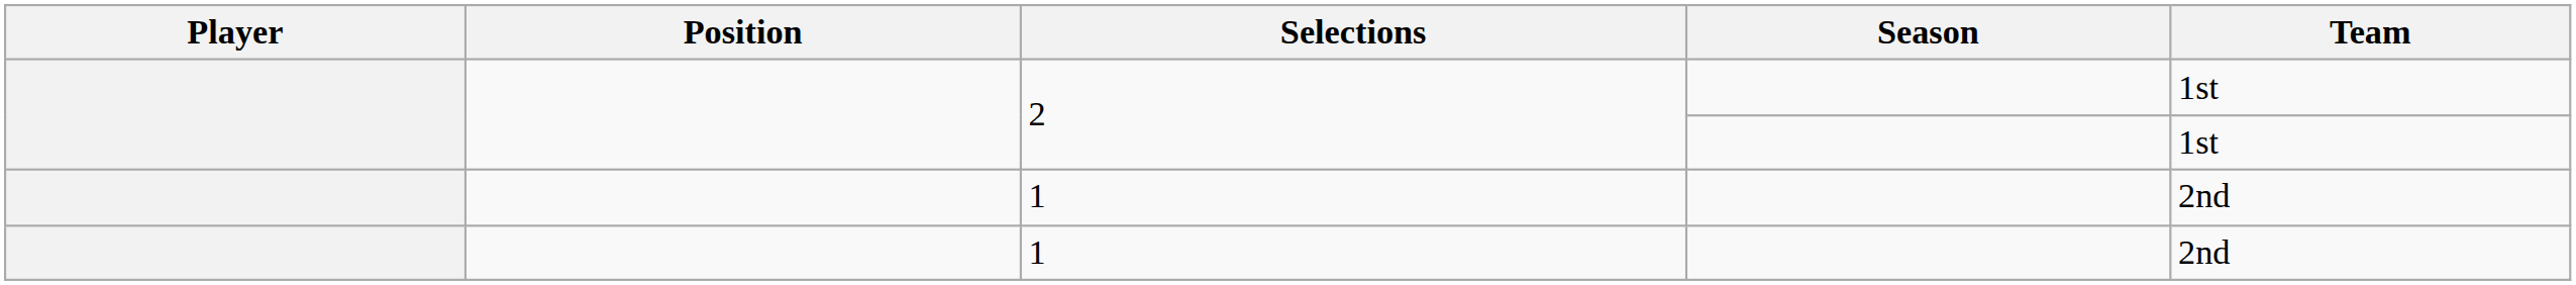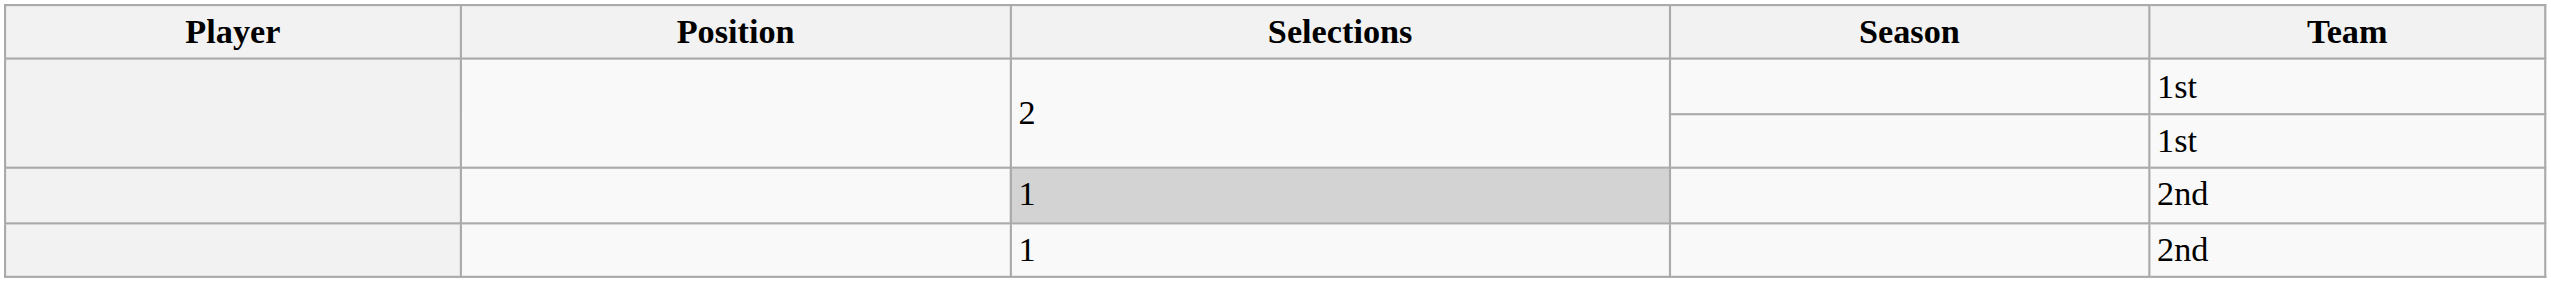 <table class="wikitable sortable" width="75%">
 <tr>
 <th scope="col">Player</th>
 <th scope="col">Position</th>
 <th scope="col">Selections</th>
 <th scope="col">Season</th>
 <th scope="col">Team</th>
 </tr>
 <tr>
 <th scope="row" rowspan="2"></th>
 <td rowspan="2"></td>
 <td rowspan="2">2</td>
 <td></td>
 <td>1st</td>
 </tr>
 <tr>
 <td></td>
 <td>1st</td>
 </tr>
 <tr>
 <th scope="row"></th>
 <td></td>
-<td>1</td>
+<td style="background: lightgrey;">1</td>
 <td></td>
 <td>2nd</td>
 </tr>
 <tr>
 <th scope="row"></th>
 <td></td>
 <td>1</td>
 <td></td>
 <td>2nd</td>
 </tr>
 </table>
